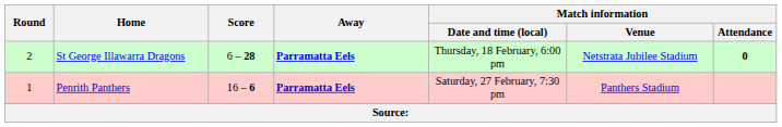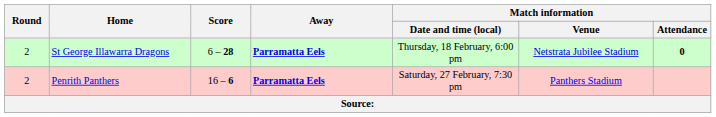 <table class="wikitable" style="font-size:80%; text-align:center; width:100%;">
 <tr>
 <th rowspan="2" style="width:6%;">Round</th>
 <th rowspan="2" style="width:19%;">Home</th>
 <th rowspan="2" style="width:8%;">Score</th>
 <th rowspan="2" style="width:19%;">Away</th>
 <th colspan=6>Match information</th>
 </tr>
 <tr style="background:#ccc;">
 <th width=17%>Date and time (local)</th>
 <th width=18%>Venue</th>
 <th width=7%>Attendance</th>
 </tr>
 <tr style="background:#cfc">
 <td>2</td>
 <td style="text-align:left;"> <a href='#'>St George Illawarra Dragons</a></td>
 <td>6 – <strong>28</strong></td>
 <td style="text-align:left;"><strong> <a href='#'>Parramatta Eels</a></strong></td>
 <td>Thursday, 18 February, 6:00 pm</td>
 <td><a href='#'>Netstrata Jubilee Stadium</a></td>
 <td><strong>0</strong></td>
 </tr>
 <tr style="background:#fcc;">
-<td>1</td>
+<td>2</td>
 <td style="text-align:left;"> <a href='#'>Penrith Panthers</a></td>
 <td>16 – <strong>6</strong></td>
 <td style="text-align:left;"><strong> <a href='#'>Parramatta Eels</a></strong></td>
 <td>Saturday, 27 February, 7:30 pm</td>
 <td><a href='#'>Panthers Stadium</a></td>
 <td></td>
 </tr>
 <tr style="background:#c1d8ff;">
 <th colspan=12>Source:</th>
 </tr>
 </table>
